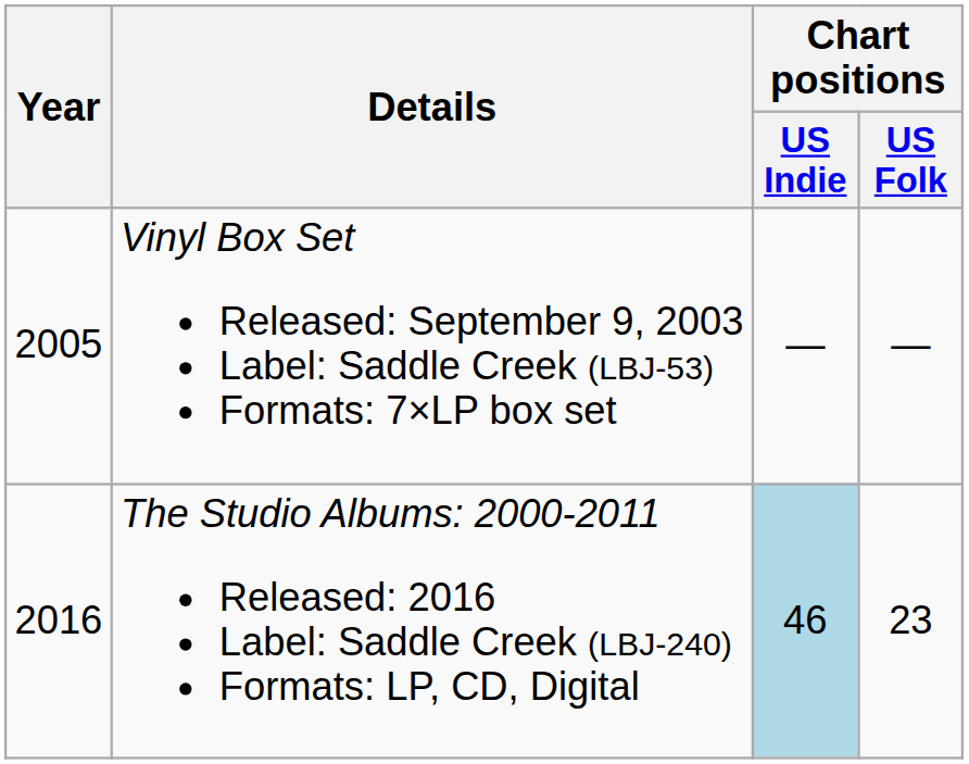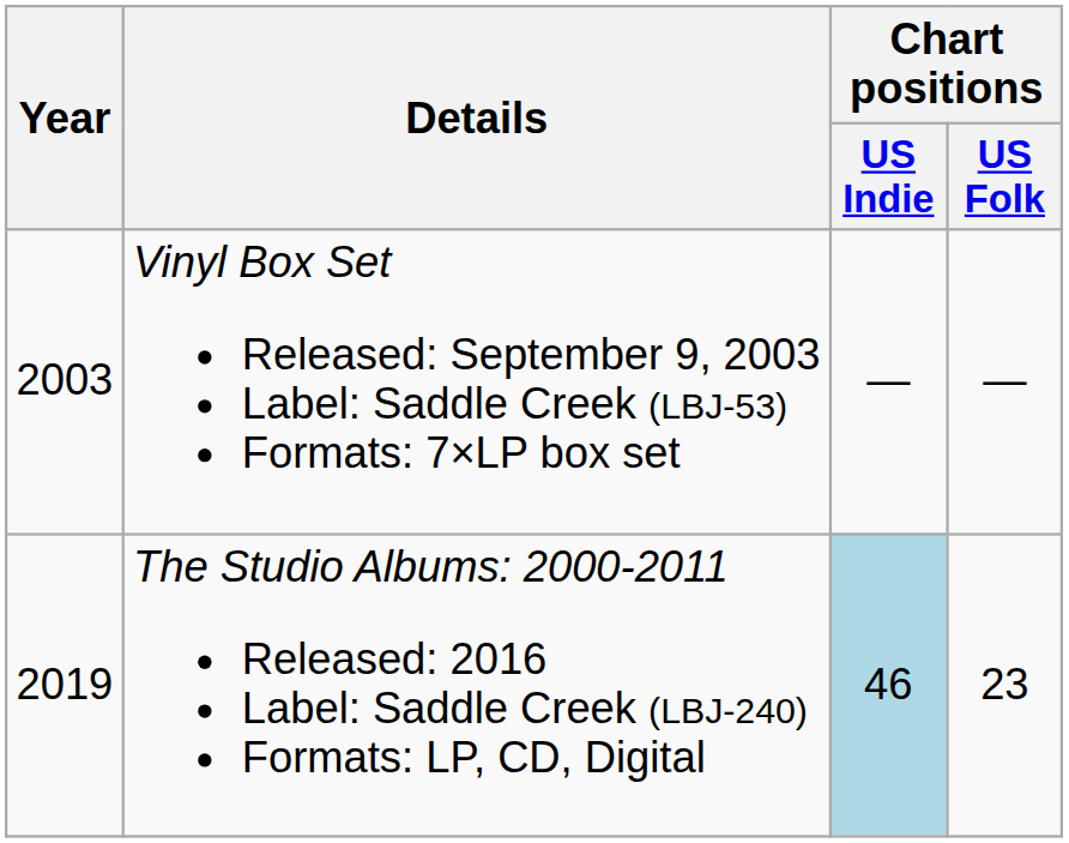 <table class="wikitable">
 <tr>
 <th rowspan="2">Year</th>
 <th rowspan="2">Details</th>
 <th colspan="2">Chart positions</th>
 </tr>
 <tr>
 <th scope="col" style="width:2.5em;font-size:90%;"><a href='#'>US<br>Indie</a><br></th>
 <th scope="col" style="width:2.5em;font-size:90%;"><a href='#'>US<br>Folk</a><br></th>
 </tr>
 <tr>
-<td>2005</td>
+<td>2003</td>
 <td><em>Vinyl Box Set</em><br><ul><li>Released: September 9, 2003</li><li>Label: Saddle Creek <small>(LBJ-53)</small></li><li>Formats: 7×LP box set</li></ul></td>
 <td align="center">—</td>
 <td align="center">—</td>
 </tr>
 <tr>
-<td>2016</td>
+<td>2019</td>
 <td><em>The Studio Albums: 2000-2011</em><br><ul><li>Released: 2016</li><li>Label: Saddle Creek <small>(LBJ-240)</small></li><li>Formats: LP, CD, Digital</li></ul></td>
 <td align="center" style="background: lightblue;">46</td>
 <td align="center">23</td>
 </tr>
 </table>
